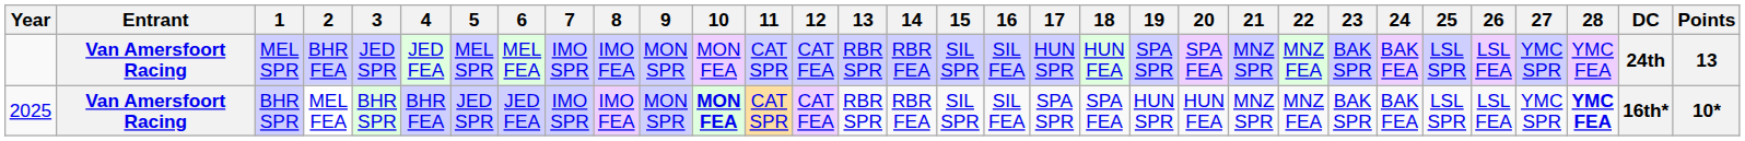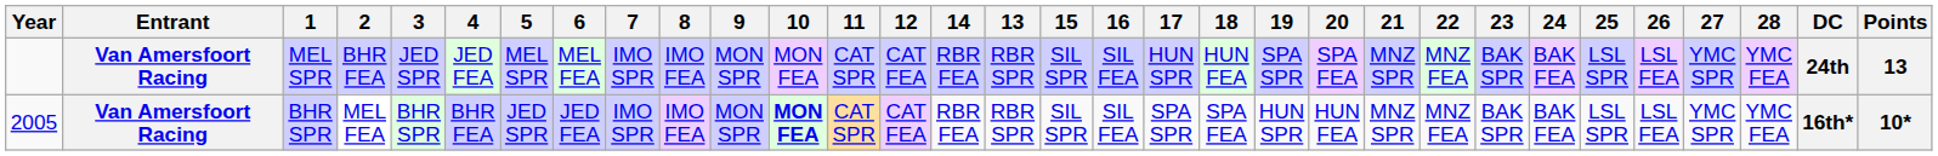 <table class="wikitable" style="text-align:center; font-size:85%;">
 <tr>
 <th scope="col">Year</th>
 <th scope="col">Entrant</th>
 <th scope="col">1</th>
 <th scope="col">2</th>
 <th scope="col">3</th>
 <th scope="col">4</th>
 <th scope="col">5</th>
 <th scope="col">6</th>
 <th scope="col">7</th>
 <th scope="col">8</th>
 <th scope="col">9</th>
 <th scope="col">10</th>
 <th scope="col">11</th>
 <th scope="col">12</th>
+<th scope="col">14</th>
 <th scope="col">13</th>
-<th scope="col">14</th>
 <th scope="col">15</th>
 <th scope="col">16</th>
 <th scope="col">17</th>
 <th scope="col">18</th>
 <th scope="col">19</th>
 <th scope="col">20</th>
 <th scope="col">21</th>
 <th scope="col">22</th>
 <th scope="col">23</th>
 <th scope="col">24</th>
 <th scope="col">25</th>
 <th scope="col">26</th>
 <th scope="col">27</th>
 <th scope="col">28</th>
 <th scope="col">DC</th>
 <th scope="col">Points</th>
 </tr>
 <tr>
 <td scope="row"></td>
 <th><a href='#'>Van Amersfoort Racing</a></th>
 <td style="background:#CFCFFF;"><a href='#'>MEL<br>SPR</a><br></td>
 <td style="background:#CFCFFF;"><a href='#'>BHR<br>FEA</a><br></td>
 <td style="background:#CFCFFF;"><a href='#'>JED<br>SPR</a><br></td>
 <td style="background:#DFFFDF;"><a href='#'>JED<br>FEA</a><br></td>
 <td style="background:#CFCFFF;"><a href='#'>MEL<br>SPR</a><br></td>
 <td style="background:#DFFFDF;"><a href='#'>MEL<br>FEA</a><br></td>
 <td style="background:#CFCFFF;"><a href='#'>IMO<br>SPR</a><br></td>
 <td style="background:#CFCFFF;"><a href='#'>IMO<br>FEA</a><br></td>
 <td style="background:#CFCFFF;"><a href='#'>MON<br>SPR</a><br></td>
 <td style="background:#EFCFFF;"><a href='#'>MON<br>FEA</a><br></td>
 <td style="background:#CFCFFF;"><a href='#'>CAT<br>SPR</a><br></td>
 <td style="background:#CFCFFF;"><a href='#'>CAT<br>FEA</a><br></td>
+<td style="background:#CFCFFF;"><a href='#'>RBR<br>FEA</a><br></td>
 <td style="background:#CFCFFF;"><a href='#'>RBR<br>SPR</a><br></td>
-<td style="background:#CFCFFF;"><a href='#'>RBR<br>FEA</a><br></td>
 <td style="background:#CFCFFF;"><a href='#'>SIL<br>SPR</a><br></td>
 <td style="background:#CFCFFF;"><a href='#'>SIL<br>FEA</a><br></td>
 <td style="background:#CFCFFF;"><a href='#'>HUN<br>SPR</a><br></td>
 <td style="background:#DFFFDF;"><a href='#'>HUN<br>FEA</a><br></td>
 <td style="background:#CFCFFF;"><a href='#'>SPA<br>SPR</a><br></td>
 <td style="background:#EFCFFF;"><a href='#'>SPA<br>FEA</a><br></td>
 <td style="background:#CFCFFF;"><a href='#'>MNZ<br>SPR</a><br></td>
 <td style="background:#DFFFDF;"><a href='#'>MNZ<br>FEA</a><br></td>
 <td style="background:#CFCFFF;"><a href='#'>BAK<br>SPR</a><br></td>
 <td style="background:#EFCFFF;"><a href='#'>BAK<br>FEA</a><br></td>
 <td style="background:#CFCFFF;"><a href='#'>LSL<br>SPR</a><br></td>
 <td style="background:#EFCFFF;"><a href='#'>LSL<br>FEA</a><br></td>
 <td style="background:#CFCFFF;"><a href='#'>YMC<br>SPR</a><br></td>
 <td style="background:#EFCFFF;"><a href='#'>YMC<br>FEA</a><br></td>
 <th>24th</th>
 <th>13</th>
 </tr>
 <tr>
-<td><a href='#'>2025</a></td>
+<td><a href='#'>2005</a></td>
 <th><a href='#'>Van Amersfoort Racing</a></th>
 <td style="background:#CFCFFF;"><a href='#'>BHR<br>SPR</a><br></td>
 <td style="background:#FFFFFF;"><a href='#'>MEL<br>FEA</a><br></td>
 <td style="background:#DFFFDF;"><a href='#'>BHR<br>SPR</a><br></td>
 <td style="background:#CFCFFF;"><a href='#'>BHR<br>FEA</a><br></td>
 <td style="background:#CFCFFF;"><a href='#'>JED<br>SPR</a><br></td>
 <td style="background:#CFCFFF;"><a href='#'>JED<br>FEA</a><br></td>
 <td style="background:#CFCFFF;"><a href='#'>IMO<br>SPR</a><br></td>
 <td style="background:#EFCFFF;"><a href='#'>IMO<br>FEA</a><br></td>
 <td style="background:#CFCFFF;"><a href='#'>MON<br>SPR</a><br></td>
 <td style="background:#DFFFDF;"><strong><a href='#'>MON<br>FEA</a><br></strong></td>
 <td style="background:#FFDF9F;"><a href='#'>CAT<br>SPR</a><br></td>
 <td style="background:#EFCFFF;"><a href='#'>CAT<br>FEA</a><br></td>
+<td><a href='#'>RBR<br>FEA</a></td>
 <td><a href='#'>RBR<br>SPR</a></td>
-<td><a href='#'>RBR<br>FEA</a></td>
 <td><a href='#'>SIL<br>SPR</a></td>
 <td><a href='#'>SIL<br>FEA</a></td>
 <td><a href='#'>SPA<br>SPR</a></td>
 <td><a href='#'>SPA<br>FEA</a></td>
 <td><a href='#'>HUN<br>SPR</a></td>
 <td><a href='#'>HUN<br>FEA</a></td>
 <td><a href='#'>MNZ<br>SPR</a></td>
 <td><a href='#'>MNZ<br>FEA</a></td>
 <td><a href='#'>BAK<br>SPR</a></td>
 <td><a href='#'>BAK<br>FEA</a></td>
 <td><a href='#'>LSL<br>SPR</a></td>
 <td><a href='#'>LSL<br>FEA</a></td>
 <td><a href='#'>YMC<br>SPR</a></td>
-<td><strong><a href='#'>YMC<br>FEA</a></strong></td>
+<td><a href='#'>YMC<br>FEA</a></td>
 <th>16th*</th>
 <th>10*</th>
 </tr>
 </table>
